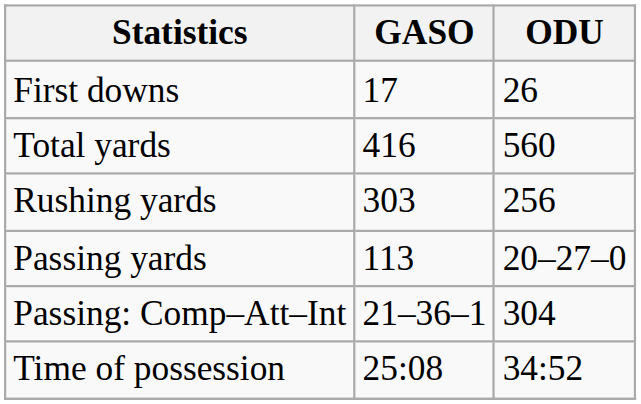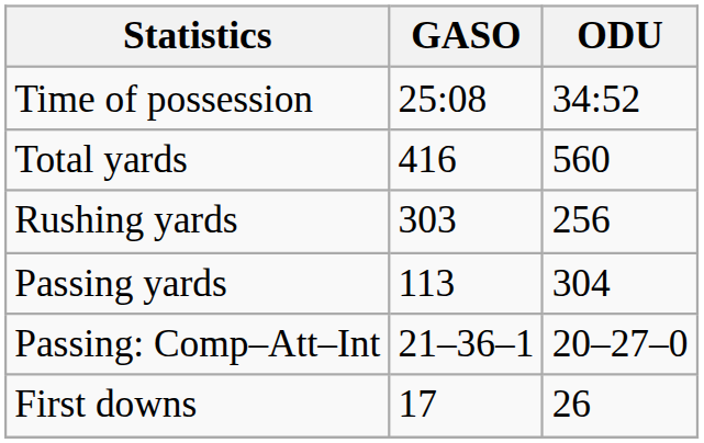 <table class="wikitable" style="float: left;">
 <tr>
 <th>Statistics</th>
 <th>GASO</th>
 <th>ODU</th>
 </tr>
 <tr>
-<td>First downs</td>
-<td>17</td>
-<td>26</td>
+<td>Time of possession</td>
+<td>25:08</td>
+<td>34:52</td>
 </tr>
 <tr>
 <td>Total yards</td>
 <td>416</td>
 <td>560</td>
 </tr>
 <tr>
 <td>Rushing yards</td>
 <td>303</td>
 <td>256</td>
 </tr>
 <tr>
 <td>Passing yards</td>
 <td>113</td>
-<td>20–27–0</td>
+<td>304</td>
 </tr>
 <tr>
 <td>Passing: Comp–Att–Int</td>
 <td>21–36–1</td>
-<td>304</td>
+<td>20–27–0</td>
 </tr>
 <tr>
-<td>Time of possession</td>
-<td>25:08</td>
-<td>34:52</td>
+<td>First downs</td>
+<td>17</td>
+<td>26</td>
 </tr>
 <tr>
 </tr>
 </table>
